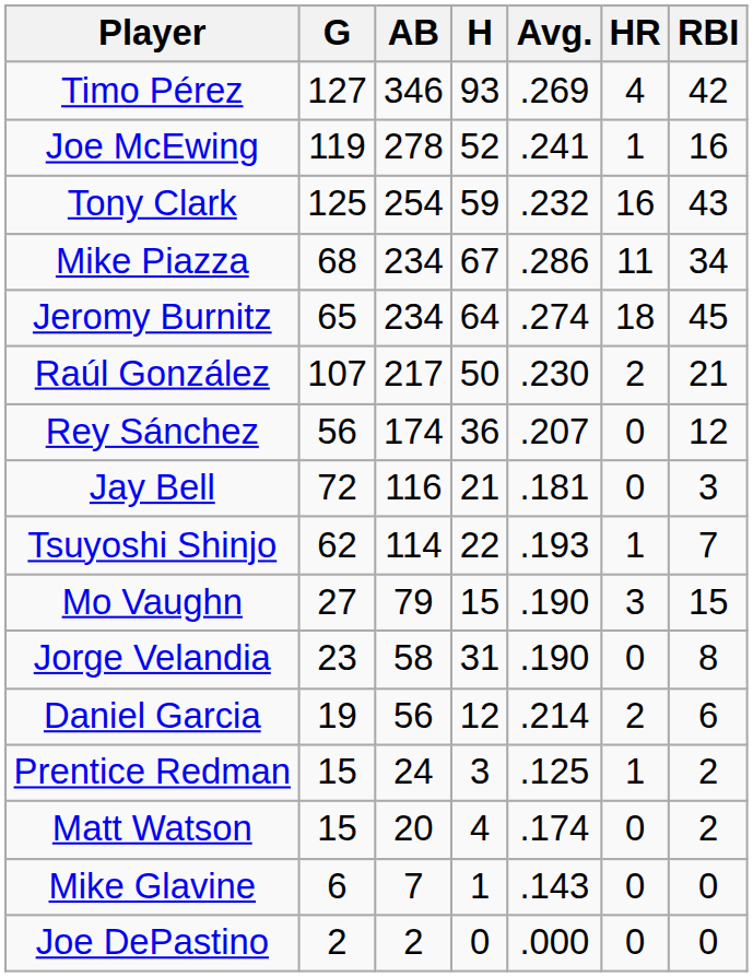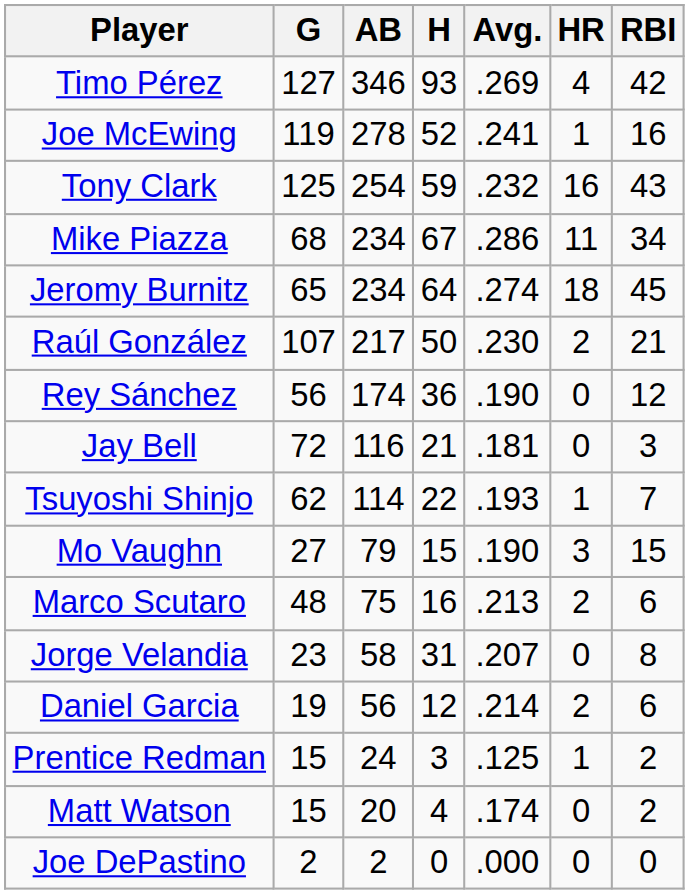 <table class="wikitable sortable">
 <tr>
 <th>Player</th>
 <th>G</th>
 <th>AB</th>
 <th>H</th>
 <th>Avg.</th>
 <th>HR</th>
 <th>RBI</th>
 </tr>
 <tr align=center>
 <td><a href='#'>Timo Pérez</a></td>
 <td>127</td>
 <td>346</td>
 <td>93</td>
 <td>.269</td>
 <td>4</td>
 <td>42</td>
 </tr>
 <tr align=center>
 <td><a href='#'>Joe McEwing</a></td>
 <td>119</td>
 <td>278</td>
 <td>52</td>
 <td>.241</td>
 <td>1</td>
 <td>16</td>
 </tr>
 <tr align=center>
 <td><a href='#'>Tony Clark</a></td>
 <td>125</td>
 <td>254</td>
 <td>59</td>
 <td>.232</td>
 <td>16</td>
 <td>43</td>
 </tr>
 <tr align=center>
 <td><a href='#'>Mike Piazza</a></td>
 <td>68</td>
 <td>234</td>
 <td>67</td>
 <td>.286</td>
 <td>11</td>
 <td>34</td>
 </tr>
 <tr align=center>
 <td><a href='#'>Jeromy Burnitz</a></td>
 <td>65</td>
 <td>234</td>
 <td>64</td>
 <td>.274</td>
 <td>18</td>
 <td>45</td>
 </tr>
 <tr align=center>
 <td><a href='#'>Raúl González</a></td>
 <td>107</td>
 <td>217</td>
 <td>50</td>
 <td>.230</td>
 <td>2</td>
 <td>21</td>
 </tr>
 <tr align=center>
 <td><a href='#'>Rey Sánchez</a></td>
 <td>56</td>
 <td>174</td>
 <td>36</td>
-<td>.207</td>
+<td>.190</td>
 <td>0</td>
 <td>12</td>
 </tr>
 <tr align=center>
 <td><a href='#'>Jay Bell</a></td>
 <td>72</td>
 <td>116</td>
 <td>21</td>
 <td>.181</td>
 <td>0</td>
 <td>3</td>
 </tr>
 <tr align=center>
 <td><a href='#'>Tsuyoshi Shinjo</a></td>
 <td>62</td>
 <td>114</td>
 <td>22</td>
 <td>.193</td>
 <td>1</td>
 <td>7</td>
 </tr>
 <tr align=center>
 <td><a href='#'>Mo Vaughn</a></td>
 <td>27</td>
 <td>79</td>
 <td>15</td>
 <td>.190</td>
 <td>3</td>
 <td>15</td>
 </tr>
 <tr align=center>
+<td><a href='#'>Marco Scutaro</a></td>
+<td>48</td>
+<td>75</td>
+<td>16</td>
+<td>.213</td>
+<td>2</td>
+<td>6</td>
+</tr>
+<tr align=center>
 <td><a href='#'>Jorge Velandia</a></td>
 <td>23</td>
 <td>58</td>
 <td>31</td>
-<td>.190</td>
+<td>.207</td>
 <td>0</td>
 <td>8</td>
 </tr>
 <tr align=center>
 <td><a href='#'>Daniel Garcia</a></td>
 <td>19</td>
 <td>56</td>
 <td>12</td>
 <td>.214</td>
 <td>2</td>
 <td>6</td>
 </tr>
 <tr align=center>
 <td><a href='#'>Prentice Redman</a></td>
 <td>15</td>
 <td>24</td>
 <td>3</td>
 <td>.125</td>
 <td>1</td>
 <td>2</td>
 </tr>
 <tr align=center>
 <td><a href='#'>Matt Watson</a></td>
 <td>15</td>
 <td>20</td>
 <td>4</td>
 <td>.174</td>
 <td>0</td>
 <td>2</td>
 </tr>
 <tr align=center>
-<td><a href='#'>Mike Glavine</a></td>
-<td>6</td>
-<td>7</td>
-<td>1</td>
-<td>.143</td>
-<td>0</td>
-<td>0</td>
-</tr>
-<tr align=center>
 <td><a href='#'>Joe DePastino</a></td>
 <td>2</td>
 <td>2</td>
 <td>0</td>
 <td>.000</td>
 <td>0</td>
 <td>0</td>
 </tr>
 </table>
